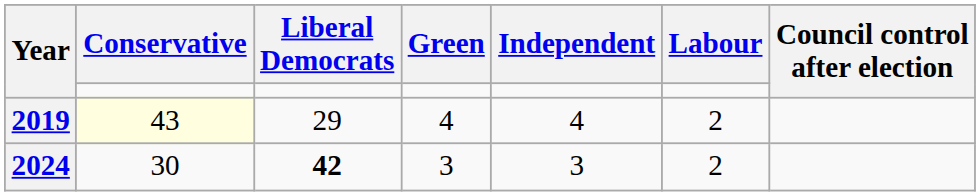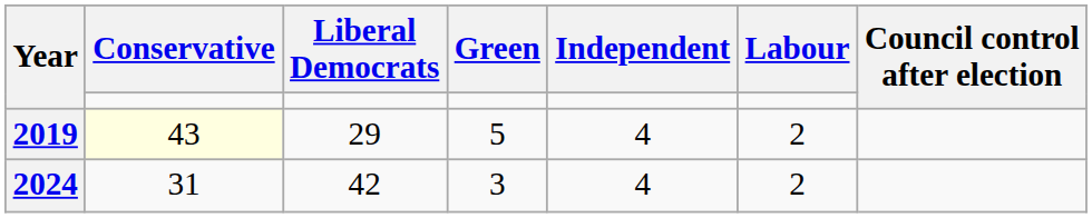 <table class="wikitable plainrowheaders" style="text-align:center">
 <tr>
 <th scope="col" rowspan="2">Year</th>
 <th scope="col"><a href='#'>Conservative</a></th>
 <th scope="col" style="width:1px"><a href='#'>Liberal Democrats</a></th>
 <th scope="col"><a href='#'>Green</a></th>
 <th scope="col"><a href='#'>Independent</a></th>
 <th scope="col"><a href='#'>Labour</a></th>
 <th scope="col" rowspan="2" colspan="2">Council control<br>after election</th>
 </tr>
 <tr>
 <td style="background:"></td>
 <td style="background:"></td>
 <td style="background:"></td>
 <td style="background:"></td>
 <td style="background:"></td>
 </tr>
 <tr>
 <th scope="row"><a href='#'>2019</a></th>
 <td style="background: lightyellow;">43</td>
 <td>29</td>
-<td>4</td>
+<td>5</td>
 <td>4</td>
 <td>2</td>
 <td></td>
 </tr>
 <tr>
 <th scope="row"><a href='#'>2024</a></th>
-<td>30</td>
-<td><strong>42</strong></td>
+<td>31</td>
+<td>42</td>
 <td>3</td>
-<td>3</td>
+<td>4</td>
 <td>2</td>
 <td></td>
 </tr>
 </table>
